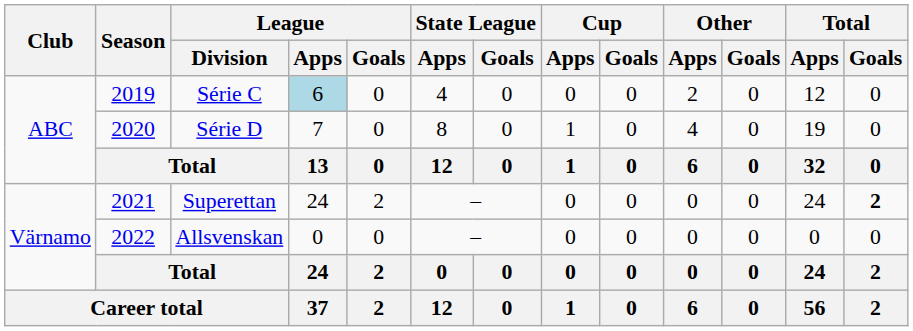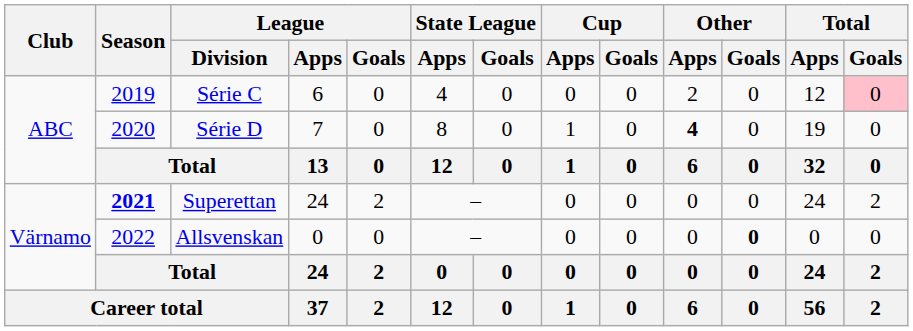 <table class="wikitable" style="text-align: center; font-size:96%">
 <tr>
 <th rowspan="2">Club</th>
 <th rowspan="2">Season</th>
 <th colspan="3">League</th>
 <th colspan="2">State League</th>
 <th colspan="2">Cup</th>
 <th colspan="2">Other</th>
 <th colspan="2">Total</th>
 </tr>
 <tr>
 <th>Division</th>
 <th>Apps</th>
 <th>Goals</th>
 <th>Apps</th>
 <th>Goals</th>
 <th>Apps</th>
 <th>Goals</th>
 <th>Apps</th>
 <th>Goals</th>
 <th>Apps</th>
 <th>Goals</th>
 </tr>
 <tr>
 <td rowspan="3"><a href='#'>ABC</a></td>
 <td><a href='#'>2019</a></td>
 <td><a href='#'>Série C</a></td>
-<td style="background: lightblue;">6</td>
+<td>6</td>
 <td>0</td>
 <td>4</td>
 <td>0</td>
 <td>0</td>
 <td>0</td>
 <td>2</td>
 <td>0</td>
 <td>12</td>
-<td>0</td>
+<td style="background: pink;">0</td>
 </tr>
 <tr>
 <td><a href='#'>2020</a></td>
 <td><a href='#'>Série D</a></td>
 <td>7</td>
 <td>0</td>
 <td>8</td>
 <td>0</td>
 <td>1</td>
 <td>0</td>
-<td>4</td>
+<td><strong>4</strong></td>
 <td>0</td>
 <td>19</td>
 <td>0</td>
 </tr>
 <tr>
 <th colspan="2"><strong>Total</strong></th>
 <th>13</th>
 <th>0</th>
 <th>12</th>
 <th>0</th>
 <th>1</th>
 <th>0</th>
 <th>6</th>
 <th>0</th>
 <th>32</th>
 <th>0</th>
 </tr>
 <tr>
 <td rowspan="3"><a href='#'>Värnamo</a></td>
-<td><a href='#'>2021</a></td>
+<td><strong><a href='#'>2021</a></strong></td>
 <td><a href='#'>Superettan</a></td>
 <td>24</td>
 <td>2</td>
 <td colspan="2">–</td>
 <td>0</td>
 <td>0</td>
 <td>0</td>
 <td>0</td>
 <td>24</td>
-<td><strong>2</strong></td>
+<td>2</td>
 </tr>
 <tr>
 <td><a href='#'>2022</a></td>
 <td><a href='#'>Allsvenskan</a></td>
 <td>0</td>
 <td>0</td>
 <td colspan="2">–</td>
 <td>0</td>
 <td>0</td>
 <td>0</td>
-<td>0</td>
+<td><strong>0</strong></td>
 <td>0</td>
 <td>0</td>
 </tr>
 <tr>
 <th colspan="2"><strong>Total</strong></th>
 <th>24</th>
 <th>2</th>
 <th>0</th>
 <th>0</th>
 <th>0</th>
 <th>0</th>
 <th>0</th>
 <th>0</th>
 <th>24</th>
 <th>2</th>
 </tr>
 <tr>
 <th colspan="3"><strong>Career total</strong></th>
 <th>37</th>
 <th>2</th>
 <th>12</th>
 <th>0</th>
 <th>1</th>
 <th>0</th>
 <th>6</th>
 <th>0</th>
 <th>56</th>
 <th>2</th>
 </tr>
 </table>
